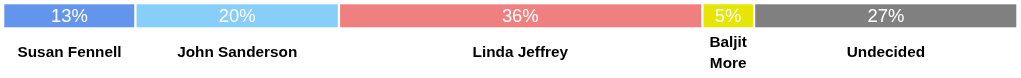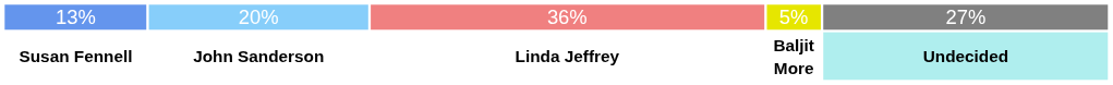 <table style="width:100%; text-align:center;">
 <tr style="color:white;">
 <td style="background:cornflowerblue; width:13%;">13%</td>
 <td style="background:lightskyblue; width:20%;">20%</td>
 <td style="background:lightcoral; width:36%;">36%</td>
 <td style="background:#e6e600; width:5%;">5%</td>
 <td style="background:gray; width:27%;">27%</td>
 </tr>
 <tr>
 <td><span><small><strong>Susan Fennell</strong></small></span></td>
 <td><span><small><strong>John Sanderson</strong></small></span></td>
 <td><span><small><strong>Linda Jeffrey</strong></small></span></td>
 <td><span><small><strong>Baljit More</strong></small></span></td>
-<td><span><small><strong>Undecided</strong></small></span></td>
+<td style="background: paleturquoise;"><span><small><strong>Undecided</strong></small></span></td>
 </tr>
 </table>
